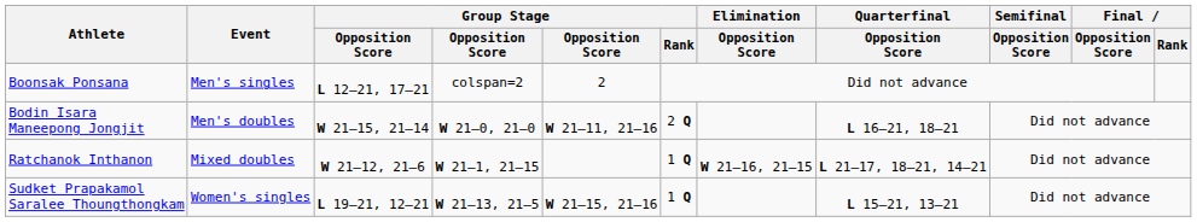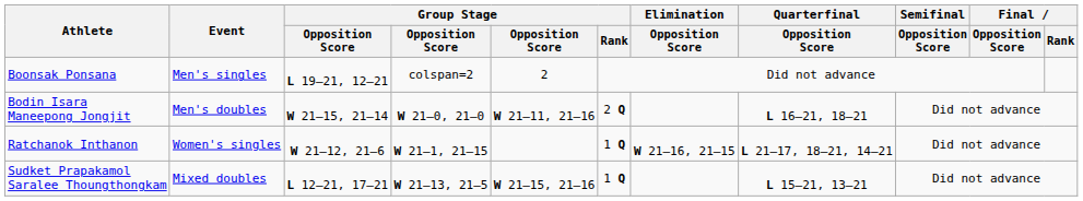 <table class=wikitable style="font-size:90%">
 <tr>
 <th rowspan=2>Athlete</th>
 <th rowspan=2>Event</th>
 <th colspan=4>Group Stage</th>
 <th>Elimination</th>
 <th>Quarterfinal</th>
 <th>Semifinal</th>
 <th colspan=2>Final / </th>
 </tr>
 <tr style="font-size:95%">
 <th>Opposition<br>Score</th>
 <th>Opposition<br>Score</th>
 <th>Opposition<br>Score</th>
 <th>Rank</th>
 <th>Opposition<br>Score</th>
 <th>Opposition<br>Score</th>
 <th>Opposition<br>Score</th>
 <th>Opposition<br>Score</th>
 <th>Rank</th>
 </tr>
 <tr align=center>
 <td align=left><a href='#'>Boonsak Ponsana</a></td>
 <td align=left><a href='#'>Men's singles</a></td>
-<td><br><strong>L</strong> 12–21, 17–21</td>
+<td><br><strong>L</strong> 19–21, 12–21</td>
 <td>colspan=2 </td>
 <td>2</td>
 <td colspan=5>Did not advance</td>
 </tr>
 <tr align=center>
 <td align=left><a href='#'>Bodin Isara</a><br><a href='#'>Maneepong Jongjit</a></td>
 <td align=left><a href='#'>Men's doubles</a></td>
 <td><br><strong>W</strong> 21–15, 21–14</td>
 <td><br><strong>W</strong> 21–0, 21–0</td>
 <td><br><strong>W</strong> 21–11, 21–16</td>
 <td>2 <strong>Q</strong></td>
 <td></td>
 <td><br><strong>L</strong> 16–21, 18–21</td>
 <td colspan=3>Did not advance</td>
 </tr>
 <tr align=center>
 <td align=left><a href='#'>Ratchanok Inthanon</a></td>
-<td align=left><a href='#'>Mixed doubles</a></td>
+<td align=left><a href='#'>Women's singles</a></td>
 <td><br><strong>W</strong> 21–12, 21–6</td>
 <td><br><strong>W</strong> 21–1, 21–15</td>
 <td></td>
 <td>1 <strong>Q</strong></td>
 <td><br><strong>W</strong> 21–16, 21–15</td>
 <td><br><strong>L</strong> 21–17, 18–21, 14–21</td>
 <td colspan=3>Did not advance</td>
 </tr>
 <tr align=center>
 <td align=left><a href='#'>Sudket Prapakamol</a><br><a href='#'>Saralee Thoungthongkam</a></td>
-<td align=left><a href='#'>Women's singles</a></td>
-<td><br><strong>L</strong> 19–21, 12–21</td>
+<td align=left><a href='#'>Mixed doubles</a></td>
+<td><br><strong>L</strong> 12–21, 17–21</td>
 <td><br><strong>W</strong> 21–13, 21–5</td>
 <td><br><strong>W</strong> 21–15, 21–16</td>
 <td>1 <strong>Q</strong></td>
 <td></td>
 <td><br><strong>L</strong> 15–21, 13–21</td>
 <td colspan=3>Did not advance</td>
 </tr>
 </table>
